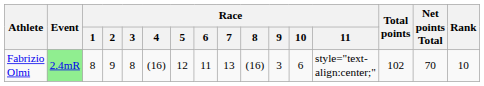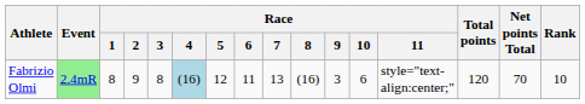 <table class=wikitable style="font-size:90%">
 <tr>
 <th rowspan="2">Athlete</th>
 <th rowspan="2">Event</th>
 <th colspan="11">Race</th>
 <th rowspan="2">Total points</th>
 <th rowspan="2">Net points<br>Total</th>
 <th rowspan="2">Rank</th>
 </tr>
 <tr>
 <th width="40">1</th>
 <th width="40">2</th>
 <th width="40">3</th>
 <th width="40">4</th>
 <th width="40">5</th>
 <th width="40">6</th>
 <th width="40">7</th>
 <th width="40">8</th>
 <th width="40">9</th>
 <th width="40">10</th>
 <th width="40">11</th>
 </tr>
 <tr>
 <td><a href='#'>Fabrizio Olmi</a></td>
 <td style="background: lightgreen;"><a href='#'>2.4mR</a></td>
 <td style="text-align:center;">8</td>
 <td style="text-align:center;">9</td>
 <td style="text-align:center;">8</td>
-<td style="text-align:center;">(16)</td>
+<td style="background: lightblue; text-align:center;">(16)</td>
 <td style="text-align:center;">12</td>
 <td style="text-align:center;">11</td>
 <td style="text-align:center;">13</td>
 <td style="text-align:center;">(16)</td>
 <td style="text-align:center;">3</td>
 <td style="text-align:center;">6</td>
 <td>style="text-align:center;" </td>
-<td style="text-align:center;">102</td>
+<td style="text-align:center;">120</td>
 <td style="text-align:center;">70</td>
 <td style="text-align:center;">10</td>
 </tr>
 </table>
